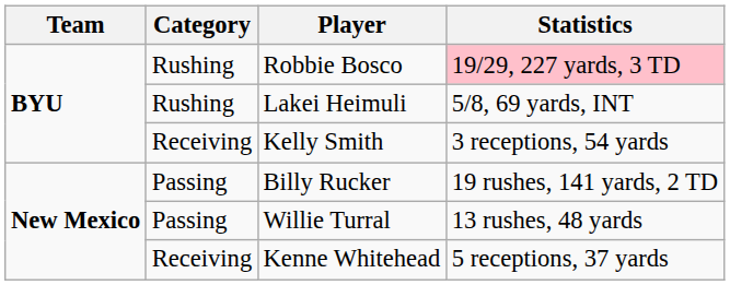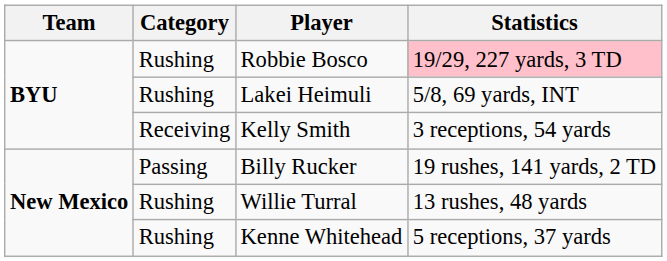 <table class="wikitable" style="float: left;">
 <tr>
 <th>Team</th>
 <th>Category</th>
 <th>Player</th>
 <th>Statistics</th>
 </tr>
 <tr>
 <td rowspan=3><strong>BYU</strong></td>
 <td>Rushing</td>
 <td>Robbie Bosco</td>
 <td style="background: pink;">19/29, 227 yards, 3 TD</td>
 </tr>
 <tr>
 <td>Rushing</td>
 <td>Lakei Heimuli</td>
 <td>5/8, 69 yards, INT</td>
 </tr>
 <tr>
 <td>Receiving</td>
 <td>Kelly Smith</td>
 <td>3 receptions, 54 yards</td>
 </tr>
 <tr>
 <td rowspan=3><strong>New Mexico</strong></td>
 <td>Passing</td>
 <td>Billy Rucker</td>
 <td>19 rushes, 141 yards, 2 TD</td>
 </tr>
 <tr>
-<td>Passing</td>
+<td>Rushing</td>
 <td>Willie Turral</td>
 <td>13 rushes, 48 yards</td>
 </tr>
 <tr>
-<td>Receiving</td>
+<td>Rushing</td>
 <td>Kenne Whitehead</td>
 <td>5 receptions, 37 yards</td>
 </tr>
 </table>
